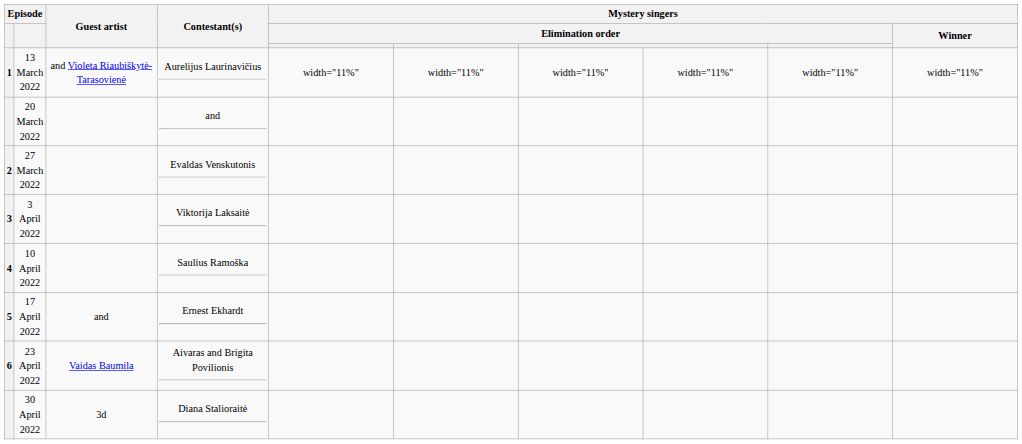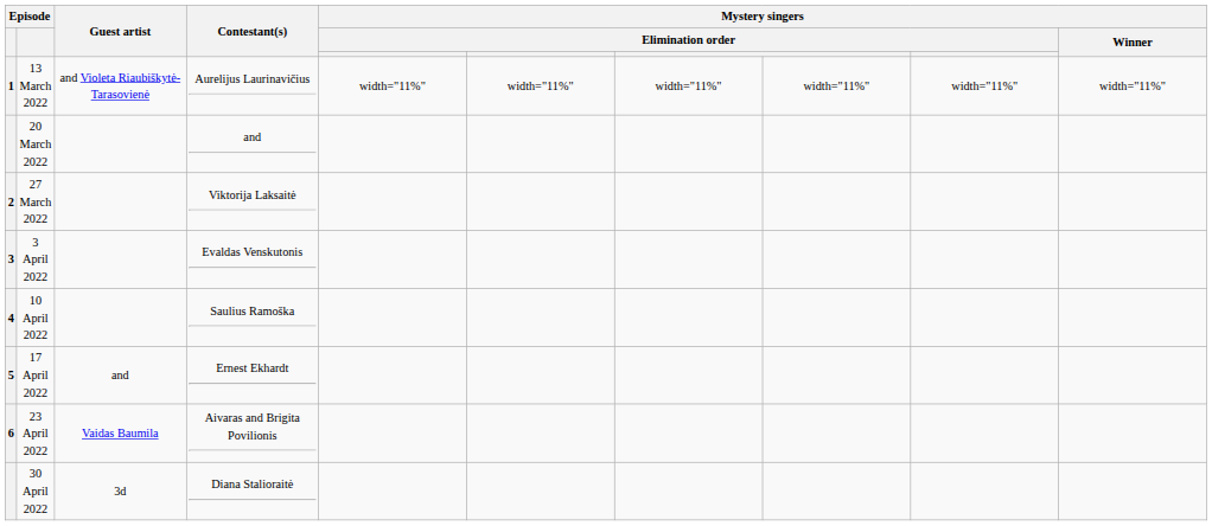 <table class="wikitable plainrowheaders mw-collapsible" style="text-align:center; line-height:23px; width:100%;">
 <tr>
 <th colspan="2" width="1%">Episode</th>
 <th rowspan="3" width="11%">Guest artist</th>
 <th rowspan="3" width="11%">Contestant(s)</th>
 <th colspan="6">Mystery singers<br></th>
 </tr>
 <tr>
 <th rowspan="2"></th>
 <th rowspan="2"></th>
 <th colspan="5">Elimination order</th>
 <th rowspan="2">Winner</th>
 </tr>
 <tr>
 <th></th>
 <th></th>
 <th colspan="2"></th>
 <th></th>
 </tr>
 <tr>
 <th>1</th>
 <td>13 March 2022</td>
 <td> and <a href='#'>Violeta Riaubiškytė-Tarasovienė</a></td>
 <td>Aurelijus Laurinavičius<hr></td>
 <td>width="11%" </td>
 <td>width="11%" </td>
 <td>width="11%" </td>
 <td>width="11%" </td>
 <td>width="11%" </td>
 <td>width="11%" </td>
 </tr>
 <tr>
 <th></th>
 <td>20 March 2022</td>
 <td></td>
 <td> and <hr></td>
 <td></td>
 <td></td>
 <td></td>
 <td></td>
 <td></td>
 <td></td>
 </tr>
 <tr>
 <th>2</th>
 <td>27 March 2022</td>
 <td><br></td>
-<td>Evaldas Venskutonis<hr></td>
+<td>Viktorija Laksaitė<hr></td>
 <td></td>
 <td></td>
 <td></td>
 <td></td>
 <td></td>
 <td></td>
 </tr>
 <tr>
 <th>3</th>
 <td>3 April 2022</td>
 <td><br></td>
-<td>Viktorija Laksaitė<hr></td>
+<td>Evaldas Venskutonis<hr></td>
 <td></td>
 <td></td>
 <td></td>
 <td></td>
 <td></td>
 <td></td>
 </tr>
 <tr>
 <th>4</th>
 <td>10 April 2022</td>
 <td><br></td>
 <td>Saulius Ramoška<hr></td>
 <td></td>
 <td></td>
 <td></td>
 <td></td>
 <td></td>
 <td></td>
 </tr>
 <tr>
 <th>5</th>
 <td>17 April 2022</td>
 <td> and <br></td>
 <td>Ernest Ekhardt<hr></td>
 <td></td>
 <td></td>
 <td></td>
 <td></td>
 <td></td>
 <td></td>
 </tr>
 <tr>
 <th>6</th>
 <td>23 April 2022</td>
 <td><a href='#'>Vaidas Baumila</a></td>
 <td>Aivaras and Brigita Povilionis<hr></td>
 <td></td>
 <td></td>
 <td></td>
 <td></td>
 <td></td>
 <td></td>
 </tr>
 <tr>
 <th></th>
 <td>30 April 2022</td>
 <td>3d<br></td>
 <td>Diana Stalioraitė<hr></td>
 <td></td>
 <td></td>
 <td></td>
 <td></td>
 <td></td>
 <td></td>
 </tr>
 </table>
